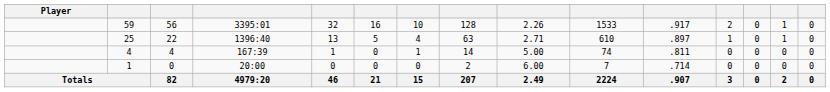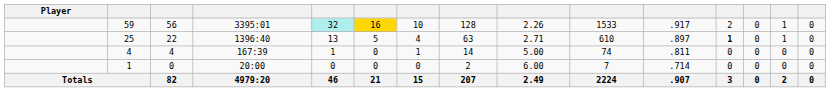 <table class="wikitable sortable" style="width:100%;">
 <tr style="text-align:center; background:#ddd;">
 <th>Player</th>
 <th></th>
 <th></th>
 <th></th>
 <th></th>
 <th></th>
 <th></th>
 <th></th>
 <th></th>
 <th></th>
 <th></th>
 <th></th>
 <th></th>
 <th></th>
 <th></th>
 </tr>
 <tr align=center>
 <td></td>
 <td>59</td>
 <td>56</td>
 <td>3395:01</td>
-<td>32</td>
-<td>16</td>
+<td style="background: paleturquoise;">32</td>
+<td style="background: gold;">16</td>
 <td>10</td>
 <td>128</td>
 <td>2.26</td>
 <td>1533</td>
 <td>.917</td>
 <td>2</td>
 <td>0</td>
 <td>1</td>
 <td>0</td>
 </tr>
 <tr align=center>
 <td></td>
 <td>25</td>
 <td>22</td>
 <td>1396:40</td>
 <td>13</td>
 <td>5</td>
 <td>4</td>
 <td>63</td>
 <td>2.71</td>
 <td>610</td>
 <td>.897</td>
-<td>1</td>
+<td><strong>1</strong></td>
 <td>0</td>
 <td>1</td>
 <td>0</td>
 </tr>
 <tr align=center>
 <td></td>
 <td>4</td>
 <td>4</td>
 <td>167:39</td>
 <td>1</td>
 <td>0</td>
 <td>1</td>
 <td>14</td>
 <td>5.00</td>
 <td>74</td>
 <td>.811</td>
 <td>0</td>
 <td>0</td>
 <td>0</td>
 <td>0</td>
 </tr>
 <tr align=center>
 <td></td>
 <td>1</td>
 <td>0</td>
 <td>20:00</td>
 <td>0</td>
 <td>0</td>
 <td>0</td>
 <td>2</td>
 <td>6.00</td>
 <td>7</td>
 <td>.714</td>
 <td>0</td>
 <td>0</td>
 <td>0</td>
 <td>0</td>
 </tr>
 <tr class="unsortable">
 <th colspan=2>Totals</th>
 <th>82</th>
 <th>4979:20</th>
 <th>46</th>
 <th>21</th>
 <th>15</th>
 <th>207</th>
 <th>2.49</th>
 <th>2224</th>
 <th>.907</th>
 <th>3</th>
 <th>0</th>
 <th>2</th>
 <th>0</th>
 </tr>
 </table>
